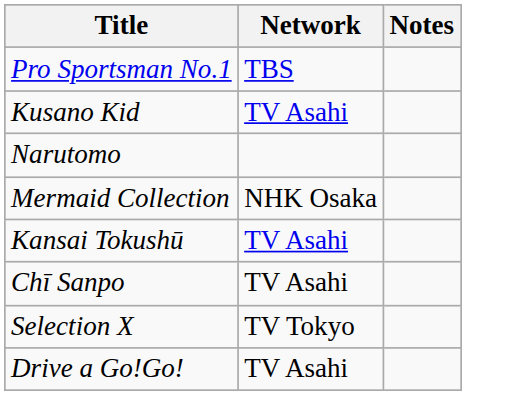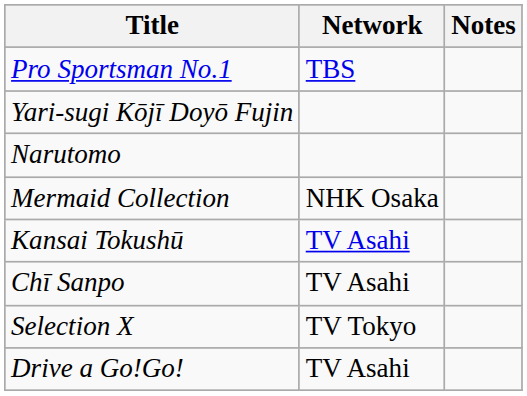 <table class="wikitable">
 <tr>
 <th>Title</th>
 <th>Network</th>
 <th>Notes</th>
 </tr>
 <tr>
 <td><em><a href='#'>Pro Sportsman No.1</a></em></td>
 <td><a href='#'>TBS</a></td>
 <td></td>
 </tr>
 <tr>
-<td><em>Kusano Kid</em></td>
-<td><a href='#'>TV Asahi</a></td>
+<td><em>Yari-sugi Kōjī Doyō Fujin</em></td>
+<td></td>
 <td></td>
 </tr>
 <tr>
 <td><em>Narutomo</em></td>
 <td></td>
 <td></td>
 </tr>
 <tr>
 <td><em>Mermaid Collection</em></td>
 <td>NHK Osaka</td>
 <td></td>
 </tr>
 <tr>
 <td><em>Kansai Tokushū</em></td>
 <td><a href='#'>TV Asahi</a></td>
 <td></td>
 </tr>
 <tr>
 <td><em>Chī Sanpo</em></td>
 <td>TV Asahi</td>
 <td></td>
 </tr>
 <tr>
 <td><em>Selection X</em></td>
 <td>TV Tokyo</td>
 <td></td>
 </tr>
 <tr>
 <td><em>Drive a Go!Go!</em></td>
 <td>TV Asahi</td>
 <td></td>
 </tr>
 </table>
